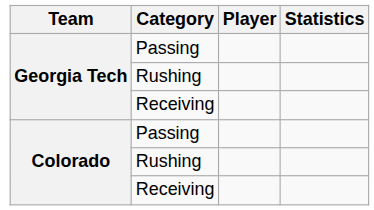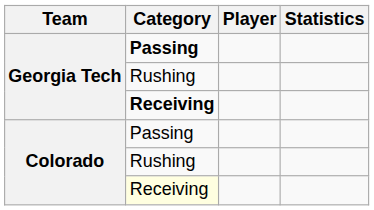 <table class="wikitable" style="float:right">
 <tr>
 <th>Team</th>
 <th>Category</th>
 <th>Player</th>
 <th>Statistics</th>
 </tr>
 <tr>
 <th rowspan=3>Georgia Tech</th>
-<td>Passing</td>
+<td><strong>Passing</strong></td>
 <td></td>
 <td></td>
 </tr>
 <tr>
 <td>Rushing</td>
 <td></td>
 <td></td>
 </tr>
 <tr>
-<td>Receiving</td>
+<td><strong>Receiving</strong></td>
 <td></td>
 <td></td>
 </tr>
 <tr>
 <th rowspan=3>Colorado</th>
 <td>Passing</td>
 <td></td>
 <td></td>
 </tr>
 <tr>
 <td>Rushing</td>
 <td></td>
 <td></td>
 </tr>
 <tr>
-<td>Receiving</td>
+<td style="background: lightyellow;">Receiving</td>
 <td></td>
 <td></td>
 </tr>
 </table>
